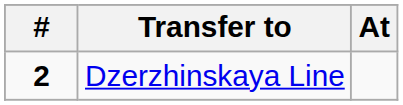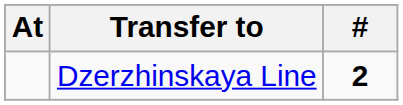 <table class="wikitable" style="border-collapse: collapse; text-align: left;">
 <tr>
+<th>At</th>
+<th>Transfer to</th>
 <th style="width:2em">#</th>
-<th>Transfer to</th>
-<th>At</th>
 </tr>
 <tr>
+<td></td>
+<td><a href='#'>Dzerzhinskaya Line</a></td>
 <td style="text-align:center; background: #"><strong>2</strong></td>
-<td><a href='#'>Dzerzhinskaya Line</a></td>
-<td></td>
 </tr>
 </table>
